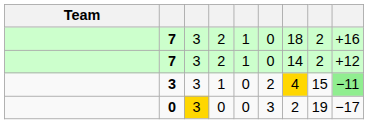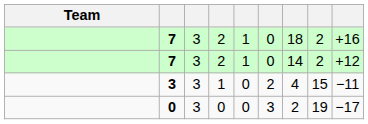 <table class="wikitable" style="text-align: center;">
 <tr>
 <th width=165>Team</th>
 <th width=20></th>
 <th width=20></th>
 <th width=20></th>
 <th width=20></th>
 <th width=20></th>
 <th width=20></th>
 <th width=20></th>
 <th width=20></th>
 </tr>
 <tr bgcolor=#ccffcc>
 <td style="text-align:left;"></td>
 <td><strong>7</strong></td>
 <td>3</td>
 <td>2</td>
 <td>1</td>
 <td>0</td>
 <td>18</td>
 <td>2</td>
 <td>+16</td>
 </tr>
 <tr bgcolor=#ccffcc>
 <td style="text-align:left;"></td>
 <td><strong>7</strong></td>
 <td>3</td>
 <td>2</td>
 <td>1</td>
 <td>0</td>
 <td>14</td>
 <td>2</td>
 <td>+12</td>
 </tr>
 <tr>
 <td style="text-align:left;"></td>
 <td><strong>3</strong></td>
 <td>3</td>
 <td>1</td>
 <td>0</td>
 <td>2</td>
-<td style="background: gold;">4</td>
+<td>4</td>
 <td>15</td>
-<td style="background: lightgreen;">−11</td>
+<td>−11</td>
 </tr>
 <tr>
 <td style="text-align:left;"></td>
 <td><strong>0</strong></td>
-<td style="background: gold;">3</td>
+<td>3</td>
 <td>0</td>
 <td>0</td>
 <td>3</td>
 <td>2</td>
 <td>19</td>
 <td>−17</td>
 </tr>
 </table>
